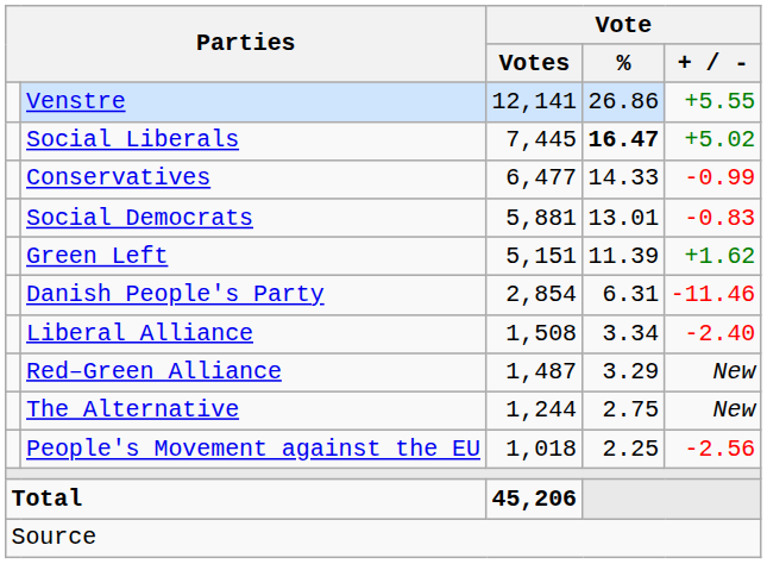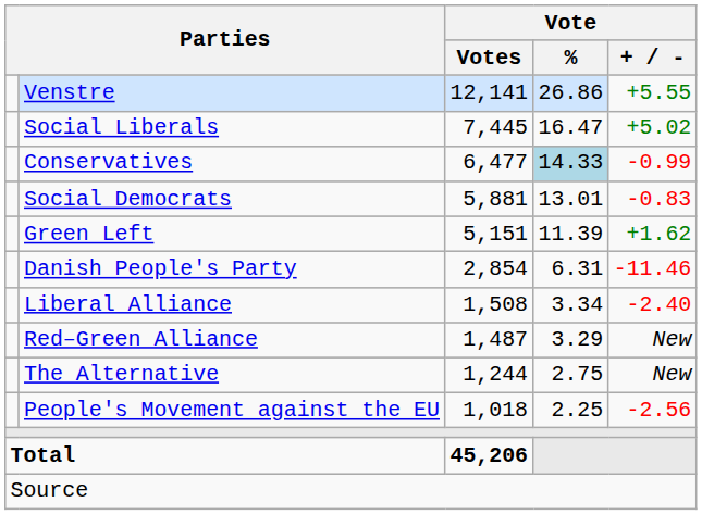 <table class="wikitable" style="text-align:right;">
 <tr>
 <th style="text-align:centre;" rowspan="2" colspan="2" width="225">Parties</th>
 <th colspan="3">Vote</th>
 </tr>
 <tr>
 <th width="15">Votes</th>
 <th width="15">%</th>
 <th width="15">+ / -</th>
 </tr>
 <tr>
 <td width="2" style="color:inherit;background:"></td>
 <td bgcolor=#cfe5fe   align="left"><a href='#'>Venstre</a></td>
 <td bgcolor=#cfe5fe>12,141</td>
 <td bgcolor=#cfe5fe>26.86</td>
 <td style=color:green;>+5.55</td>
 </tr>
 <tr>
 <td width="2" style="color:inherit;background:"></td>
 <td align="left"><a href='#'>Social Liberals</a></td>
 <td>7,445</td>
-<td><strong>16.47</strong></td>
+<td>16.47</td>
 <td style=color:green;>+5.02</td>
 </tr>
 <tr>
 <td width="2" style="color:inherit;background:"></td>
 <td align="left"><a href='#'>Conservatives</a></td>
 <td>6,477</td>
-<td>14.33</td>
+<td style="background: lightblue;">14.33</td>
 <td style=color:red;>-0.99</td>
 </tr>
 <tr>
 <td width="2" style="color:inherit;background:"></td>
 <td align="left"><a href='#'>Social Democrats</a></td>
 <td>5,881</td>
 <td>13.01</td>
 <td style=color:red;>-0.83</td>
 </tr>
 <tr>
 <td width="2" style="color:inherit;background:"></td>
 <td align="left"><a href='#'>Green Left</a></td>
 <td>5,151</td>
 <td>11.39</td>
 <td style=color:green;>+1.62</td>
 </tr>
 <tr>
 <td width="2" style="color:inherit;background:"></td>
 <td align="left"><a href='#'>Danish People's Party</a></td>
 <td>2,854</td>
 <td>6.31</td>
 <td style=color:red;>-11.46</td>
 </tr>
 <tr>
 <td width="2" style="color:inherit;background:"></td>
 <td align="left"><a href='#'>Liberal Alliance</a></td>
 <td>1,508</td>
 <td>3.34</td>
 <td style=color:red;>-2.40</td>
 </tr>
 <tr>
 <td width="2" style="color:inherit;background:"></td>
 <td align="left"><a href='#'>Red–Green Alliance</a></td>
 <td>1,487</td>
 <td>3.29</td>
 <td><em>New</em></td>
 </tr>
 <tr>
 <td width="2" style="color:inherit;background:"></td>
 <td align="left"><a href='#'>The Alternative</a></td>
 <td>1,244</td>
 <td>2.75</td>
 <td><em>New</em></td>
 </tr>
 <tr>
 <td width="2" style="color:inherit;background:"></td>
 <td align="left"><a href='#'>People's Movement against the EU</a></td>
 <td>1,018</td>
 <td>2.25</td>
 <td style=color:red;>-2.56</td>
 </tr>
 <tr>
 <td colspan="7" bgcolor="#E9E9E9"></td>
 </tr>
 <tr>
 <td align="left" colspan="2"><strong>Total</strong></td>
 <td><strong>45,206</strong></td>
 <td bgcolor="#E9E9E9" colspan="2"></td>
 </tr>
 <tr>
 <td align="left" colspan="6">Source</td>
 </tr>
 </table>
